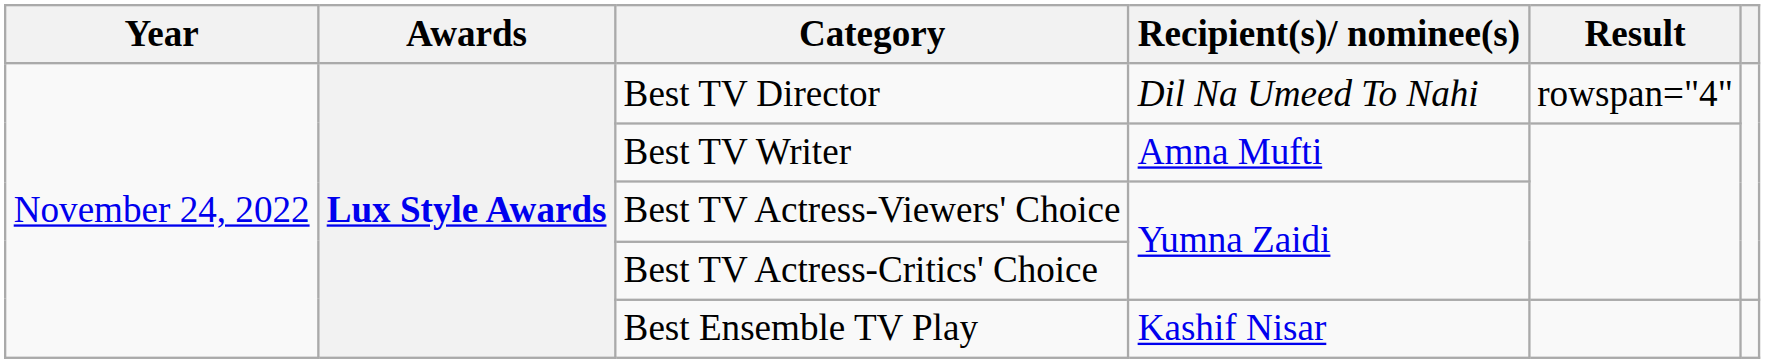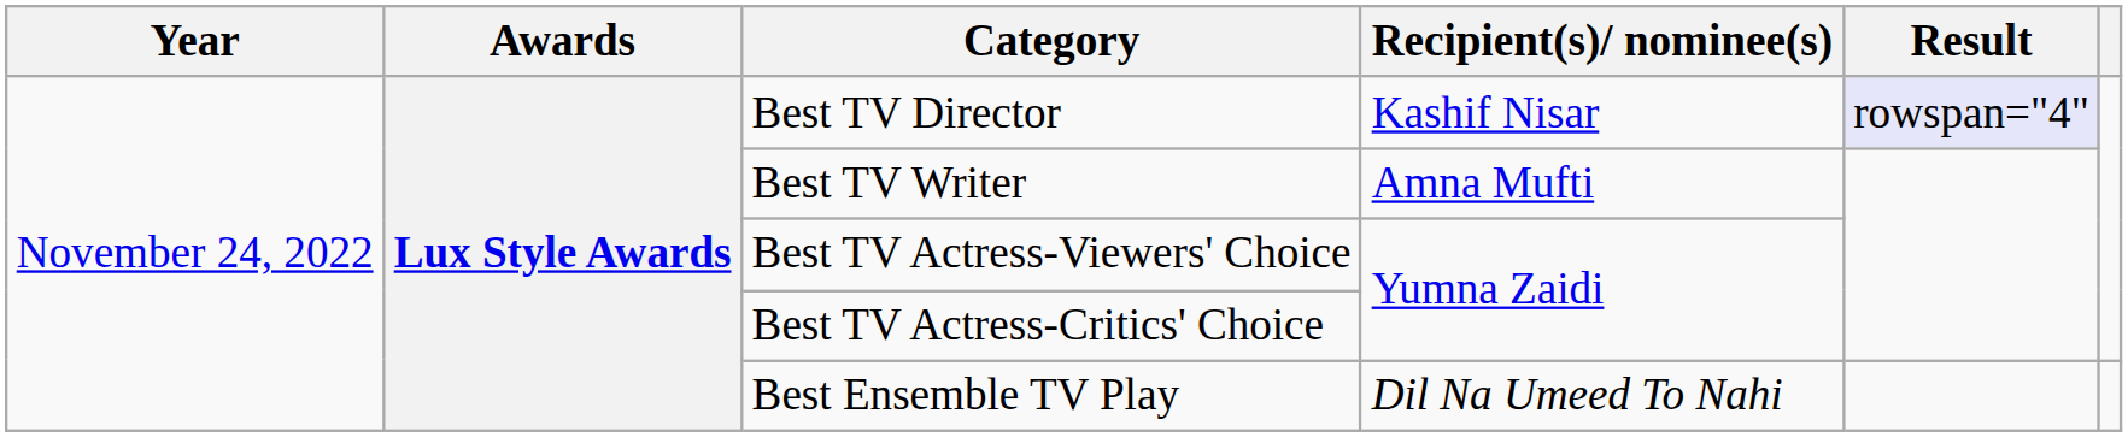 <table class="wikitable plainrowheaders">
 <tr>
 <th>Year</th>
 <th>Awards</th>
 <th>Category</th>
 <th>Recipient(s)/ nominee(s)</th>
 <th>Result</th>
 <th></th>
 </tr>
 <tr>
 <td rowspan="5"><a href='#'>November 24, 2022</a></td>
 <th scope="row" rowspan="5"><a href='#'>Lux Style Awards</a></th>
 <td>Best TV Director</td>
-<td><em>Dil Na Umeed To Nahi</em></td>
-<td>rowspan="4" </td>
+<td><a href='#'>Kashif Nisar</a></td>
+<td style="background: lavender;">rowspan="4" </td>
 <td rowspan="4"></td>
 </tr>
 <tr>
 <td>Best TV Writer</td>
 <td><a href='#'>Amna Mufti</a></td>
 </tr>
 <tr>
 <td>Best TV Actress-Viewers' Choice</td>
 <td rowspan="2"><a href='#'>Yumna Zaidi</a></td>
 </tr>
 <tr>
 <td>Best TV Actress-Critics' Choice</td>
 </tr>
 <tr>
 <td>Best Ensemble TV Play</td>
-<td><a href='#'>Kashif Nisar</a></td>
+<td><em>Dil Na Umeed To Nahi</em></td>
 <td></td>
 <td></td>
 </tr>
 </table>
